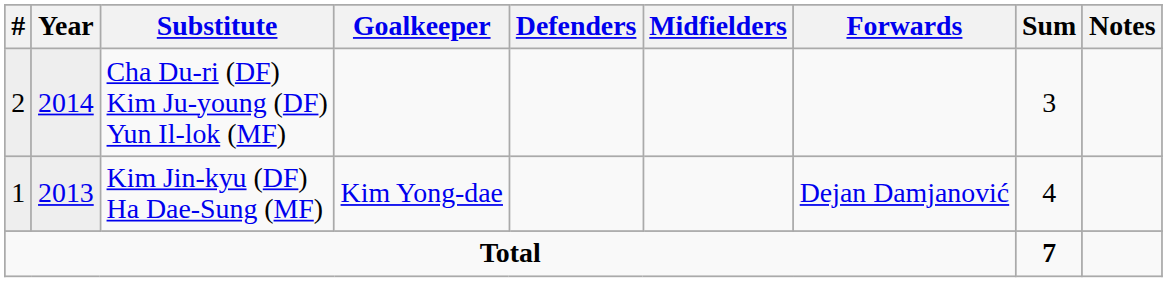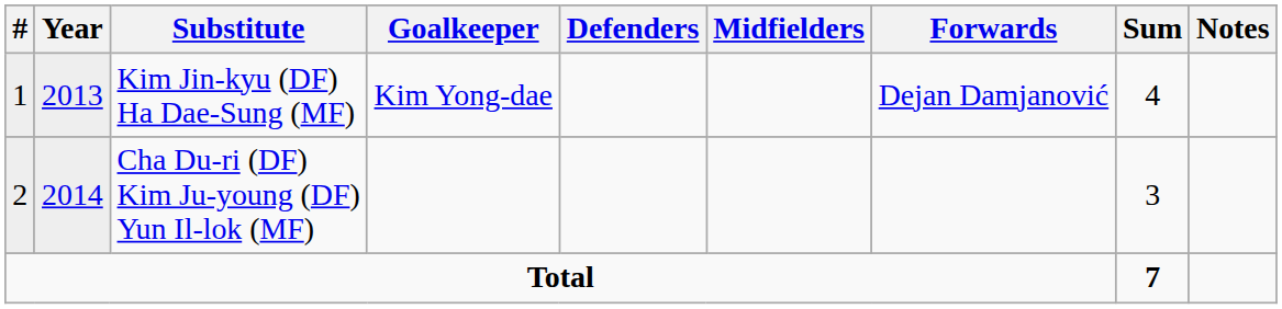 <table class="wikitable" border="1">
 <tr>
 <th>#</th>
 <th>Year</th>
 <th><a href='#'>Substitute</a></th>
 <th><a href='#'>Goalkeeper</a></th>
 <th><a href='#'>Defenders</a></th>
 <th><a href='#'>Midfielders</a></th>
 <th><a href='#'>Forwards</a></th>
 <th>Sum</th>
 <th>Notes</th>
 </tr>
 <tr>
+<td style="background:#eeeeee">1</td>
+<td style="background:#eeeeee"><a href='#'>2013</a></td>
+<td> <a href='#'>Kim Jin-kyu</a> (<a href='#'>DF</a>)<br> <a href='#'>Ha Dae-Sung</a> (<a href='#'>MF</a>)</td>
+<td> <a href='#'>Kim Yong-dae</a></td>
+<td></td>
+<td></td>
+<td> <a href='#'>Dejan Damjanović</a></td>
+<td style="text-align: center;">4</td>
+<td></td>
+</tr>
+<tr>
 <td style="background:#eeeeee">2</td>
 <td style="background:#eeeeee"><a href='#'>2014</a></td>
 <td> <a href='#'>Cha Du-ri</a> (<a href='#'>DF</a>)<br> <a href='#'>Kim Ju-young</a> (<a href='#'>DF</a>)<br> <a href='#'>Yun Il-lok</a> (<a href='#'>MF</a>)</td>
 <td></td>
 <td></td>
 <td></td>
 <td></td>
 <td style="text-align: center;">3</td>
 <td></td>
 </tr>
 <tr>
-<td style="background:#eeeeee">1</td>
-<td style="background:#eeeeee"><a href='#'>2013</a></td>
-<td> <a href='#'>Kim Jin-kyu</a> (<a href='#'>DF</a>)<br> <a href='#'>Ha Dae-Sung</a> (<a href='#'>MF</a>)</td>
-<td> <a href='#'>Kim Yong-dae</a></td>
-<td></td>
-<td></td>
-<td> <a href='#'>Dejan Damjanović</a></td>
-<td style="text-align: center;">4</td>
-<td></td>
-</tr>
-<tr>
 <td colspan="7" style="text-align: center;"><strong>Total</strong></td>
 <td style="text-align: center;"><strong>7</strong></td>
 <td></td>
 </tr>
 </table>
